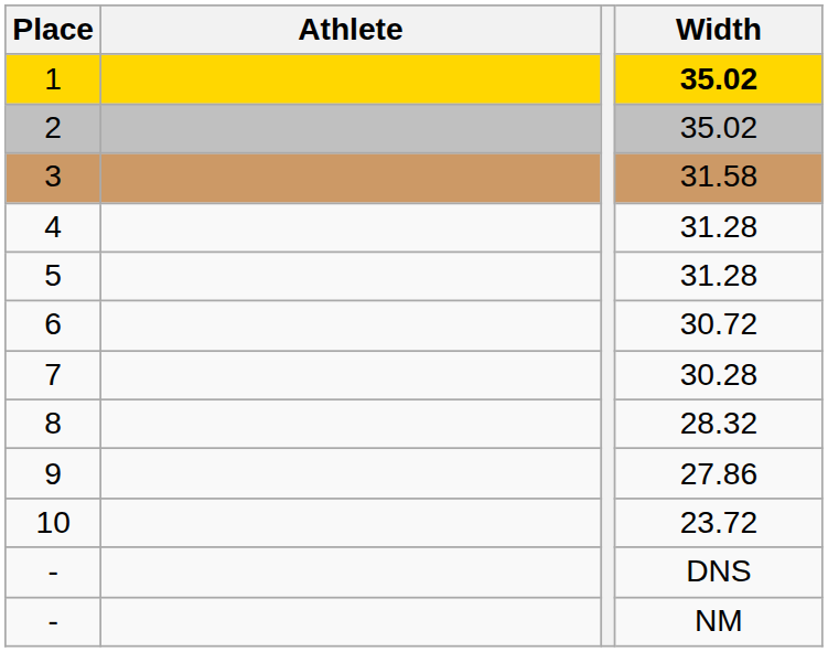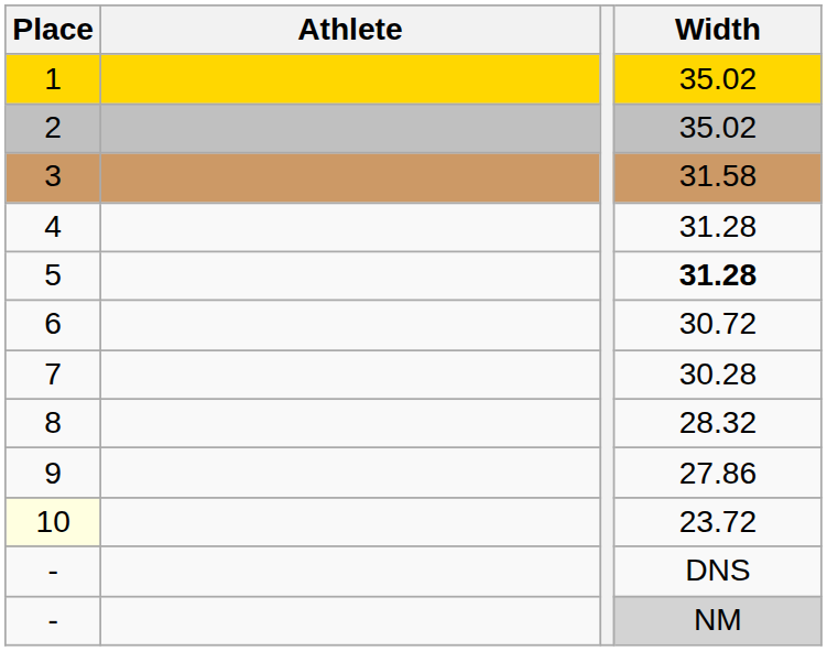 <table class="wikitable" style="text-align:center">
 <tr>
 <th>Place</th>
 <th width=250>Athlete</th>
 <th rowspan=27></th>
 <th width=100>Width</th>
 </tr>
 <tr bgcolor=gold>
 <td>1</td>
 <td align=left></td>
-<td><strong>35.02</strong></td>
+<td>35.02</td>
 </tr>
 <tr bgcolor=silver>
 <td>2</td>
 <td align=left></td>
 <td>35.02</td>
 </tr>
 <tr bgcolor=cc9966>
 <td>3</td>
 <td align=left></td>
 <td>31.58</td>
 </tr>
 <tr>
 <td>4</td>
 <td align=left></td>
 <td>31.28</td>
 </tr>
 <tr>
 <td>5</td>
 <td align=left></td>
-<td>31.28</td>
+<td><strong>31.28</strong></td>
 </tr>
 <tr>
 <td>6</td>
 <td align=left></td>
 <td>30.72</td>
 </tr>
 <tr>
 <td>7</td>
 <td align=left></td>
 <td>30.28</td>
 </tr>
 <tr>
 <td>8</td>
 <td align=left></td>
 <td>28.32</td>
 </tr>
 <tr>
 <td>9</td>
 <td align=left></td>
 <td>27.86</td>
 </tr>
 <tr>
-<td>10</td>
+<td style="background: lightyellow;">10</td>
 <td align=left></td>
 <td>23.72</td>
 </tr>
 <tr>
 <td>-</td>
 <td align=left></td>
 <td>DNS</td>
 </tr>
 <tr>
 <td>-</td>
 <td align=left></td>
-<td>NM</td>
+<td style="background: lightgrey;">NM</td>
 </tr>
 </table>
